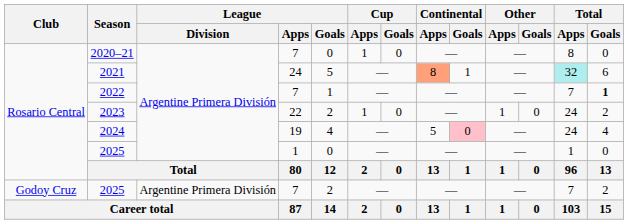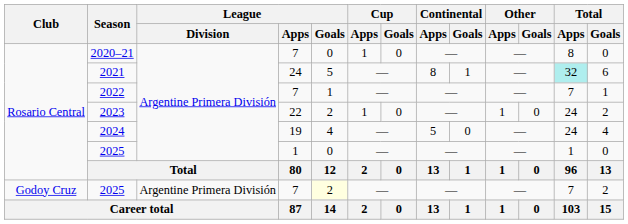 <table class="wikitable" style="text-align:center">
 <tr>
 <th rowspan="2">Club</th>
 <th rowspan="2">Season</th>
 <th colspan="3">League</th>
 <th colspan="2">Cup</th>
 <th colspan="2">Continental</th>
 <th colspan="2">Other</th>
 <th colspan="2">Total</th>
 </tr>
 <tr>
 <th>Division</th>
 <th>Apps</th>
 <th>Goals</th>
 <th>Apps</th>
 <th>Goals</th>
 <th>Apps</th>
 <th>Goals</th>
 <th>Apps</th>
 <th>Goals</th>
 <th>Apps</th>
 <th>Goals</th>
 </tr>
 <tr>
 <td rowspan="7"><a href='#'>Rosario Central</a></td>
 <td><a href='#'>2020–21</a></td>
 <td rowspan="6"><a href='#'>Argentine Primera División</a></td>
 <td>7</td>
 <td>0</td>
 <td>1</td>
 <td>0</td>
 <td colspan="2">—</td>
 <td colspan="2">—</td>
 <td>8</td>
 <td>0</td>
 </tr>
 <tr>
 <td><a href='#'>2021</a></td>
 <td>24</td>
 <td>5</td>
 <td colspan="2">—</td>
-<td style="background: lightsalmon;">8</td>
+<td>8</td>
 <td>1</td>
 <td colspan="2">—</td>
 <td style="background: paleturquoise;">32</td>
 <td>6</td>
 </tr>
 <tr>
 <td><a href='#'>2022</a></td>
 <td>7</td>
 <td>1</td>
 <td colspan="2">—</td>
 <td colspan="2">—</td>
 <td colspan="2">—</td>
 <td>7</td>
-<td><strong>1</strong></td>
+<td>1</td>
 </tr>
 <tr>
 <td><a href='#'>2023</a></td>
 <td>22</td>
 <td>2</td>
 <td>1</td>
 <td>0</td>
 <td colspan="2">—</td>
 <td>1</td>
 <td>0</td>
 <td>24</td>
 <td>2</td>
 </tr>
 <tr>
 <td><a href='#'>2024</a></td>
 <td>19</td>
 <td>4</td>
 <td colspan="2">—</td>
 <td>5</td>
-<td style="background: pink;">0</td>
+<td>0</td>
 <td colspan="2">—</td>
 <td>24</td>
 <td>4</td>
 </tr>
 <tr>
 <td><a href='#'>2025</a></td>
 <td>1</td>
 <td>0</td>
 <td colspan="2">—</td>
 <td colspan="2">—</td>
 <td colspan="2">—</td>
 <td>1</td>
 <td>0</td>
 </tr>
 <tr>
 <th colspan="2">Total</th>
 <th>80</th>
 <th>12</th>
 <th>2</th>
 <th>0</th>
 <th>13</th>
 <th>1</th>
 <th>1</th>
 <th>0</th>
 <th>96</th>
 <th>13</th>
 </tr>
 <tr>
 <td rowspan="1"><a href='#'>Godoy Cruz</a></td>
 <td><a href='#'>2025</a></td>
 <td rowspan="1">Argentine Primera División</td>
 <td>7</td>
-<td>2</td>
+<td style="background: lightyellow;">2</td>
 <td colspan="2">—</td>
 <td colspan="2">—</td>
 <td colspan="2">—</td>
 <td>7</td>
 <td>2</td>
 </tr>
 <tr>
 <th colspan="3">Career total</th>
 <th>87</th>
 <th>14</th>
 <th>2</th>
 <th>0</th>
 <th>13</th>
 <th>1</th>
 <th>1</th>
 <th>0</th>
 <th>103</th>
 <th>15</th>
 </tr>
 </table>
